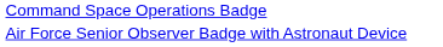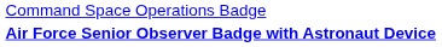 <table>
 <tr>
 <td> <a href='#'>Command Space Operations Badge</a></td>
 </tr>
 <tr>
-<td> <a href='#'>Air Force Senior Observer Badge with Astronaut Device</a></td>
+<td><strong> <a href='#'>Air Force Senior Observer Badge with Astronaut Device</a></strong></td>
 </tr>
 </table>
